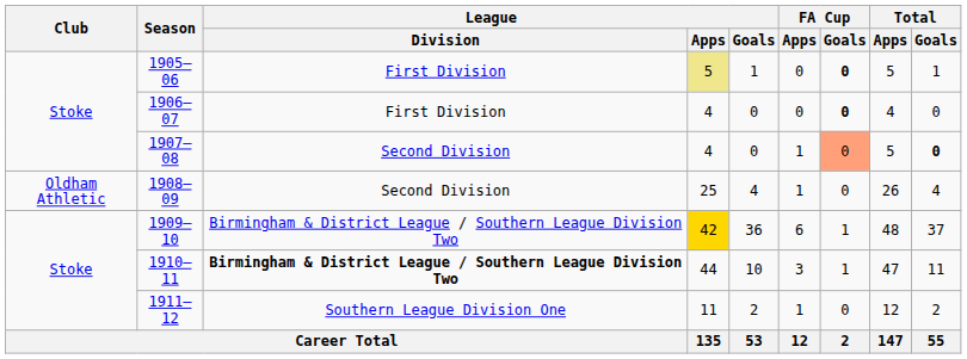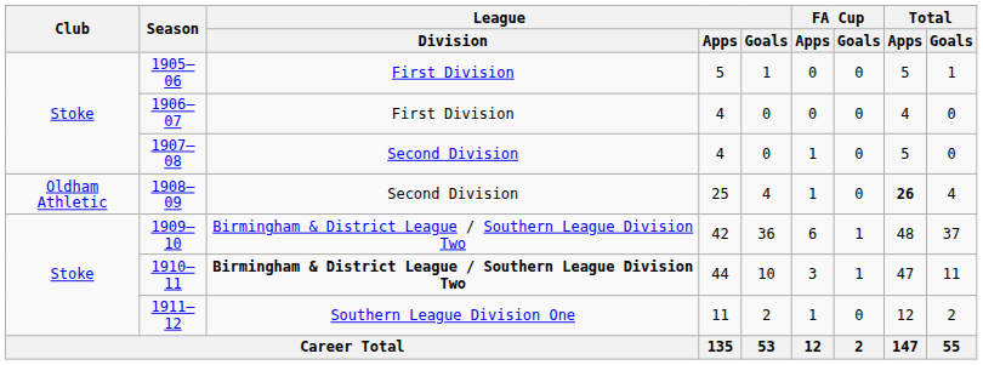 <table class="wikitable" style="text-align: center;">
 <tr>
 <th rowspan="2">Club</th>
 <th rowspan="2">Season</th>
 <th colspan="3">League</th>
 <th colspan="2">FA Cup</th>
 <th colspan="2">Total</th>
 </tr>
 <tr>
 <th>Division</th>
 <th>Apps</th>
 <th>Goals</th>
 <th>Apps</th>
 <th>Goals</th>
 <th>Apps</th>
 <th>Goals</th>
 </tr>
 <tr>
 <td rowspan="3"><a href='#'>Stoke</a></td>
 <td><a href='#'>1905–06</a></td>
 <td><a href='#'>First Division</a></td>
-<td style="background: khaki;">5</td>
+<td>5</td>
 <td>1</td>
 <td>0</td>
-<td><strong>0</strong></td>
+<td>0</td>
 <td>5</td>
 <td>1</td>
 </tr>
 <tr>
 <td><a href='#'>1906–07</a></td>
 <td>First Division</td>
 <td>4</td>
 <td>0</td>
 <td>0</td>
-<td><strong>0</strong></td>
+<td>0</td>
 <td>4</td>
 <td>0</td>
 </tr>
 <tr>
 <td><a href='#'>1907–08</a></td>
 <td><a href='#'>Second Division</a></td>
 <td>4</td>
 <td>0</td>
 <td>1</td>
-<td style="background: lightsalmon;">0</td>
+<td>0</td>
 <td>5</td>
-<td><strong>0</strong></td>
+<td>0</td>
 </tr>
 <tr>
 <td><a href='#'>Oldham Athletic</a></td>
 <td><a href='#'>1908–09</a></td>
 <td>Second Division</td>
 <td>25</td>
 <td>4</td>
 <td>1</td>
 <td>0</td>
-<td>26</td>
+<td><strong>26</strong></td>
 <td>4</td>
 </tr>
 <tr>
 <td rowspan="3"><a href='#'>Stoke</a></td>
 <td><a href='#'>1909–10</a></td>
 <td><a href='#'>Birmingham & District League</a> / <a href='#'>Southern League Division Two</a></td>
-<td style="background: gold;">42</td>
+<td>42</td>
 <td>36</td>
 <td>6</td>
 <td>1</td>
 <td>48</td>
 <td>37</td>
 </tr>
 <tr>
 <td><a href='#'>1910–11</a></td>
 <td><strong>Birmingham & District League / Southern League Division Two</strong></td>
 <td>44</td>
 <td>10</td>
 <td>3</td>
 <td>1</td>
 <td>47</td>
 <td>11</td>
 </tr>
 <tr>
 <td><a href='#'>1911–12</a></td>
 <td><a href='#'>Southern League Division One</a></td>
 <td>11</td>
 <td>2</td>
 <td>1</td>
 <td>0</td>
 <td>12</td>
 <td>2</td>
 </tr>
 <tr>
 <th colspan="3">Career Total</th>
 <th>135</th>
 <th>53</th>
 <th>12</th>
 <th>2</th>
 <th>147</th>
 <th>55</th>
 </tr>
 </table>
